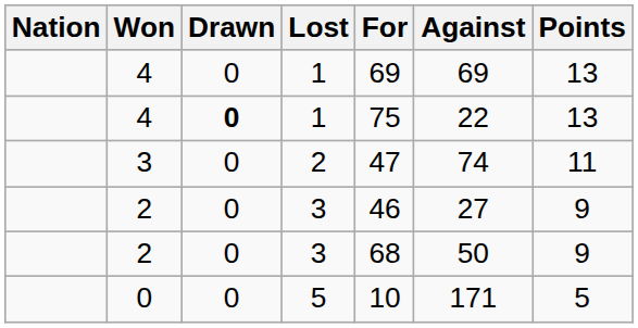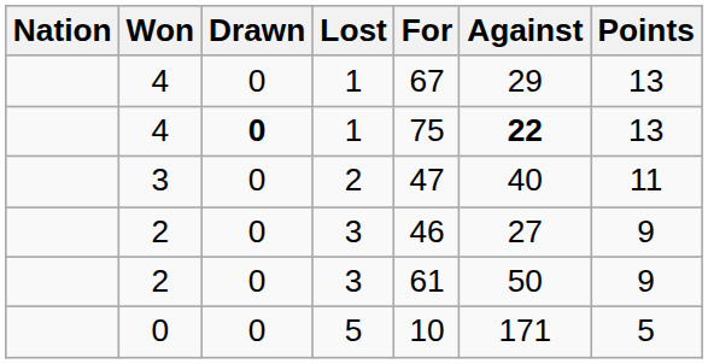 <table class="wikitable" style="text-align: center;">
 <tr>
 <th>Nation</th>
 <th>Won</th>
 <th>Drawn</th>
 <th>Lost</th>
 <th>For</th>
 <th>Against</th>
 <th>Points</th>
 </tr>
 <tr>
 <td align=left></td>
 <td>4</td>
 <td>0</td>
 <td>1</td>
-<td>69</td>
-<td>69</td>
+<td>67</td>
+<td>29</td>
 <td>13</td>
 </tr>
 <tr>
 <td align=left></td>
 <td>4</td>
 <td><strong>0</strong></td>
 <td>1</td>
 <td>75</td>
-<td>22</td>
+<td><strong>22</strong></td>
 <td>13</td>
 </tr>
 <tr>
 <td align=left></td>
 <td>3</td>
 <td>0</td>
 <td>2</td>
 <td>47</td>
-<td>74</td>
+<td>40</td>
 <td>11</td>
 </tr>
 <tr>
 <td align=left></td>
 <td>2</td>
 <td>0</td>
 <td>3</td>
 <td>46</td>
 <td>27</td>
 <td>9</td>
 </tr>
 <tr>
 <td align=left></td>
 <td>2</td>
 <td>0</td>
 <td>3</td>
-<td>68</td>
+<td>61</td>
 <td>50</td>
 <td>9</td>
 </tr>
 <tr>
 <td align=left></td>
 <td>0</td>
 <td>0</td>
 <td>5</td>
 <td>10</td>
 <td>171</td>
 <td>5</td>
 </tr>
 </table>
